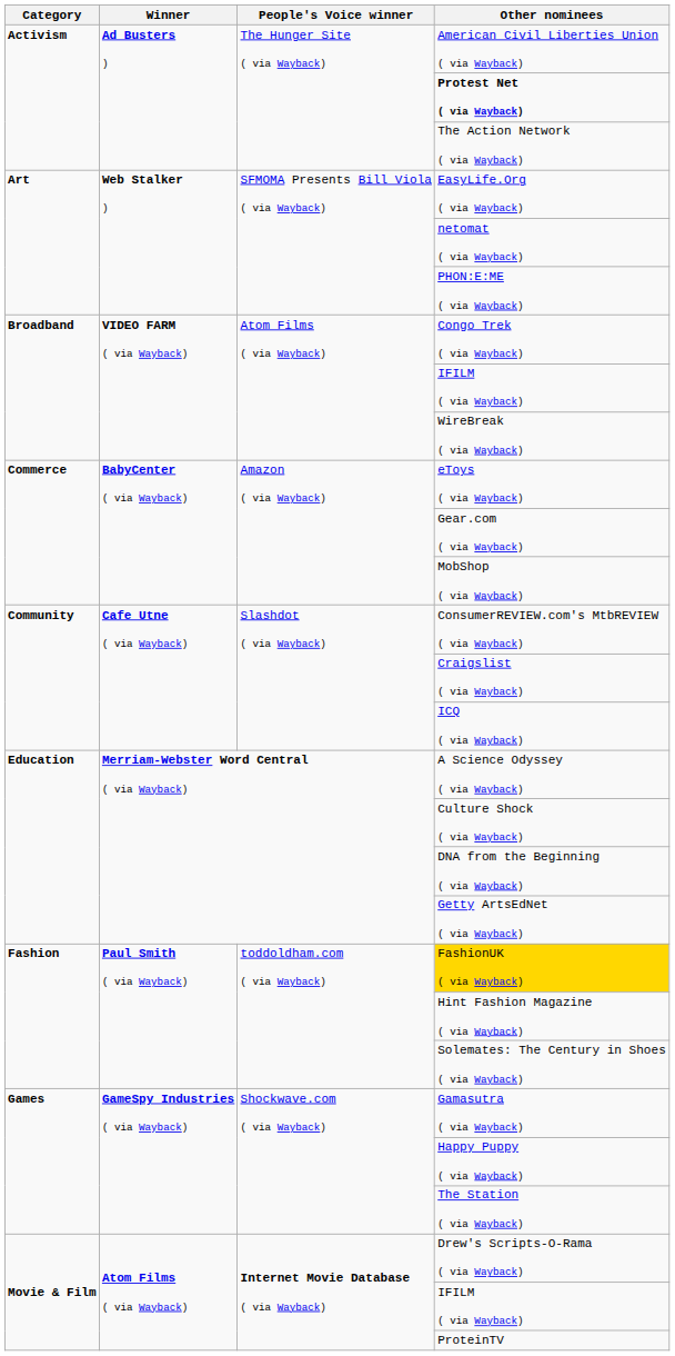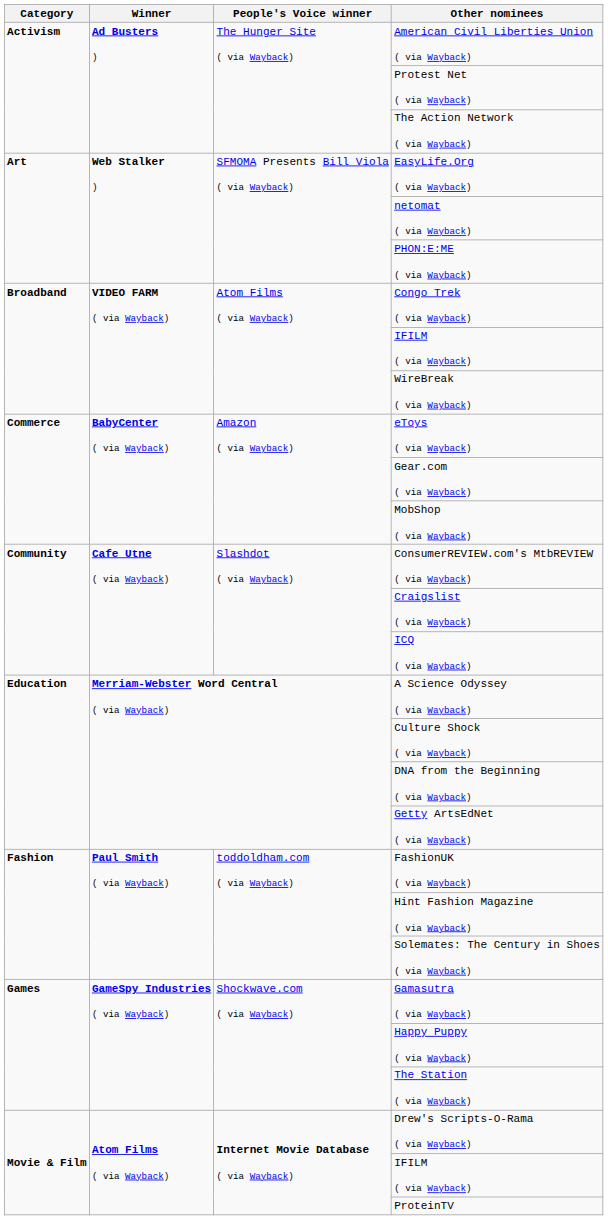 <table class="wikitable">
 <tr>
 <th>Category</th>
 <th>Winner</th>
 <th>People's Voice winner</th>
 <th>Other nominees</th>
 </tr>
 <tr valign="top">
 <td rowspan="3"><strong>Activism</strong></td>
 <td rowspan="3"><strong><a href='#'>Ad Busters</a></strong><br><br><small>)</small></td>
 <td rowspan="3"><a href='#'>The Hunger Site</a><br><br><small>( via <a href='#'>Wayback</a>)</small></td>
 <td><a href='#'>American Civil Liberties Union</a><br><br><small>( via <a href='#'>Wayback</a>)</small></td>
 </tr>
 <tr valign="top">
-<td><strong>Protest Net<br><br><small>( via <a href='#'>Wayback</a>)</small></strong></td>
+<td>Protest Net<br><br><small>( via <a href='#'>Wayback</a>)</small></td>
 </tr>
 <tr valign="top">
 <td>The Action Network<br><br><small>( via <a href='#'>Wayback</a>)</small></td>
 </tr>
 <tr valign="top">
 <td rowspan="3"><strong>Art</strong></td>
 <td rowspan="3"><strong>Web Stalker</strong><br><br><small>)</small></td>
 <td rowspan="3"><a href='#'>SFMOMA</a> Presents <a href='#'>Bill Viola</a><br><br><small>( via <a href='#'>Wayback</a>)</small></td>
 <td><a href='#'>EasyLife.Org</a><br><br><small>( via <a href='#'>Wayback</a>)</small></td>
 </tr>
 <tr valign="top">
 <td><a href='#'>netomat</a><br><br><small>( via <a href='#'>Wayback</a>)</small></td>
 </tr>
 <tr valign="top">
 <td><a href='#'>PHON:E:ME</a><br><br><small>( via <a href='#'>Wayback</a>)</small></td>
 </tr>
 <tr valign="top">
 <td rowspan="3"><strong>Broadband</strong></td>
 <td rowspan="3"><strong>VIDEO FARM</strong><br><br><small>( via <a href='#'>Wayback</a>)</small></td>
 <td rowspan="3"><a href='#'>Atom Films</a><br><br><small>( via <a href='#'>Wayback</a>)</small></td>
 <td><a href='#'>Congo Trek</a><br><br><small>( via <a href='#'>Wayback</a>)</small></td>
 </tr>
 <tr valign="top">
 <td><a href='#'>IFILM</a><br><br><small>( via <a href='#'>Wayback</a>)</small></td>
 </tr>
 <tr valign="top">
 <td>WireBreak<br><br><small>( via <a href='#'>Wayback</a>)</small></td>
 </tr>
 <tr valign="top">
 <td rowspan="3"><strong>Commerce</strong></td>
 <td rowspan="3"><strong><a href='#'>BabyCenter</a></strong><br><br><small>( via <a href='#'>Wayback</a>)</small></td>
 <td rowspan="3"><a href='#'>Amazon</a><br><br><small>( via <a href='#'>Wayback</a>)</small></td>
 <td><a href='#'>eToys</a><br><br><small>( via <a href='#'>Wayback</a>)</small></td>
 </tr>
 <tr valign="top">
 <td>Gear.com<br><br><small>( via <a href='#'>Wayback</a>)</small></td>
 </tr>
 <tr valign="top">
 <td>MobShop<br><br><small>( via <a href='#'>Wayback</a>)</small></td>
 </tr>
 <tr valign="top">
 <td rowspan="3"><strong>Community</strong></td>
 <td rowspan="3"><strong><a href='#'>Cafe Utne</a></strong><br><br><small>( via <a href='#'>Wayback</a>)</small></td>
 <td rowspan="3"><a href='#'>Slashdot</a><br><br><small>( via <a href='#'>Wayback</a>)</small></td>
 <td>ConsumerREVIEW.com's MtbREVIEW<br><br><small>( via <a href='#'>Wayback</a>)</small></td>
 </tr>
 <tr valign="top">
 <td><a href='#'>Craigslist</a><br><br><small>( via <a href='#'>Wayback</a>)</small></td>
 </tr>
 <tr valign="top">
 <td><a href='#'>ICQ</a><br><br><small>( via <a href='#'>Wayback</a>)</small></td>
 </tr>
 <tr valign="top">
 <td rowspan="4"><strong>Education</strong></td>
 <td rowspan="4" colspan="2"><strong><a href='#'>Merriam-Webster</a> Word Central</strong><br><br><small>( via <a href='#'>Wayback</a>)</small></td>
 <td>A Science Odyssey<br><br><small>( via <a href='#'>Wayback</a>)</small></td>
 </tr>
 <tr valign="top">
 <td>Culture Shock<br><br><small>( via <a href='#'>Wayback</a>)</small></td>
 </tr>
 <tr valign="top">
 <td>DNA from the Beginning<br><br><small>( via <a href='#'>Wayback</a>)</small></td>
 </tr>
 <tr valign="top">
 <td><a href='#'>Getty</a> ArtsEdNet<br><br><small>( via <a href='#'>Wayback</a>)</small></td>
 </tr>
 <tr valign="top">
 <td rowspan="3"><strong>Fashion</strong></td>
 <td rowspan="3"><strong><a href='#'>Paul Smith</a></strong><br><br><small>( via <a href='#'>Wayback</a>)</small></td>
 <td rowspan="3"><a href='#'>toddoldham.com</a><br><br><small>( via <a href='#'>Wayback</a>)</small></td>
-<td style="background: gold;">FashionUK<br><br><small>( via <a href='#'>Wayback</a>)</small></td>
+<td>FashionUK<br><br><small>( via <a href='#'>Wayback</a>)</small></td>
 </tr>
 <tr valign="top">
 <td>Hint Fashion Magazine<br><br><small>( via <a href='#'>Wayback</a>)</small></td>
 </tr>
 <tr valign="top">
 <td>Solemates: The Century in Shoes<br><br><small>( via <a href='#'>Wayback</a>)</small></td>
 </tr>
 <tr valign="top">
 <td rowspan="3"><strong>Games</strong></td>
 <td rowspan="3"><strong><a href='#'>GameSpy Industries</a></strong><br><br><small>( via <a href='#'>Wayback</a>)</small></td>
 <td rowspan="3"><a href='#'>Shockwave.com</a><br><br><small>( via <a href='#'>Wayback</a>)</small></td>
 <td><a href='#'>Gamasutra</a><br><br><small>( via <a href='#'>Wayback</a>)</small></td>
 </tr>
 <tr valign="top">
 <td><a href='#'>Happy Puppy</a><br><br><small>( via <a href='#'>Wayback</a>)</small></td>
 </tr>
 <tr valign="top">
 <td><a href='#'>The Station</a><br><br><small>( via <a href='#'>Wayback</a>)</small></td>
 </tr>
 <tr>
 <td rowspan="3"><strong>Movie & Film</strong></td>
 <td rowspan="3"><strong><a href='#'>Atom Films</a></strong><br><br><small>( via <a href='#'>Wayback</a>)</small></td>
 <td rowspan="3"><strong>Internet Movie Database</strong><br><br><small>( via <a href='#'>Wayback</a>)</small></td>
 <td>Drew's Scripts-O-Rama <br><br><small>( via <a href='#'>Wayback</a>)</small></td>
 </tr>
 <tr>
 <td>IFILM <br><br><small>( via <a href='#'>Wayback</a>)</small></td>
 </tr>
 <tr>
 <td>ProteinTV</td>
 </tr>
 </table>
